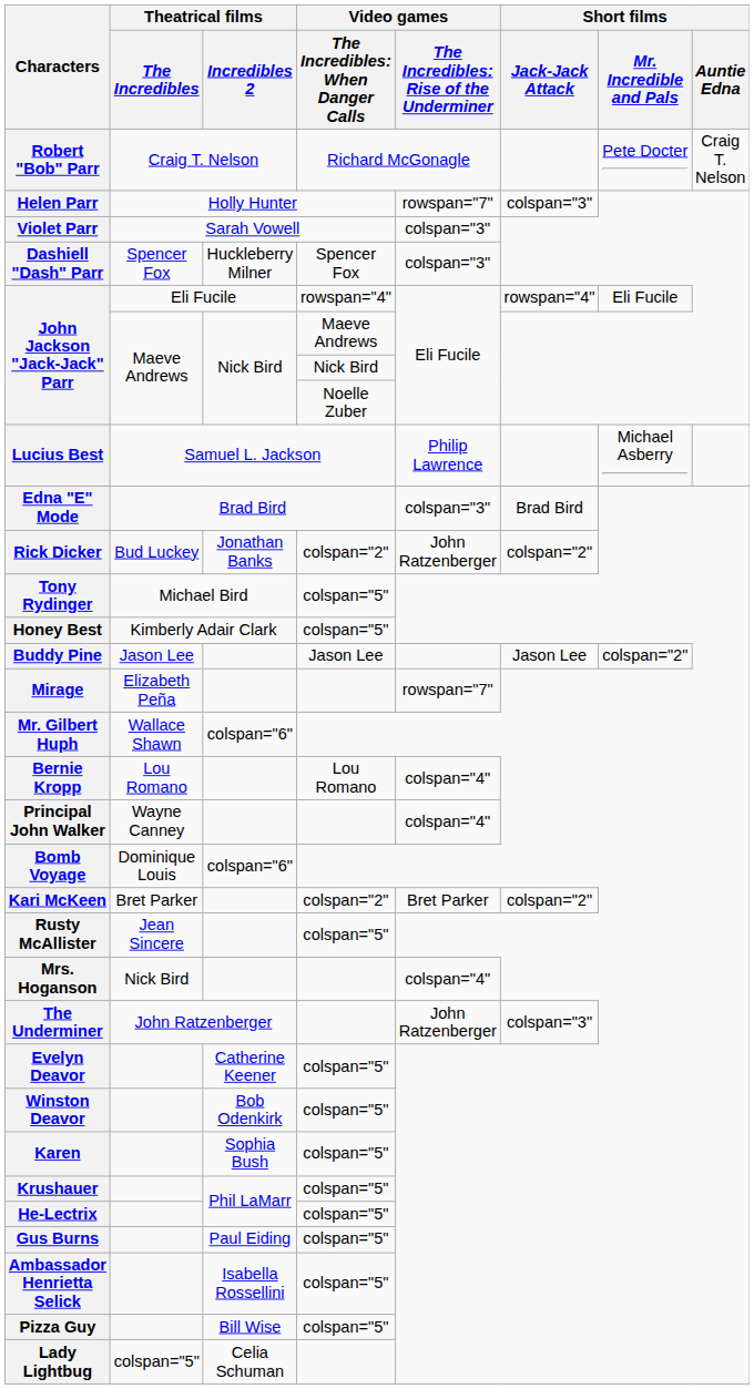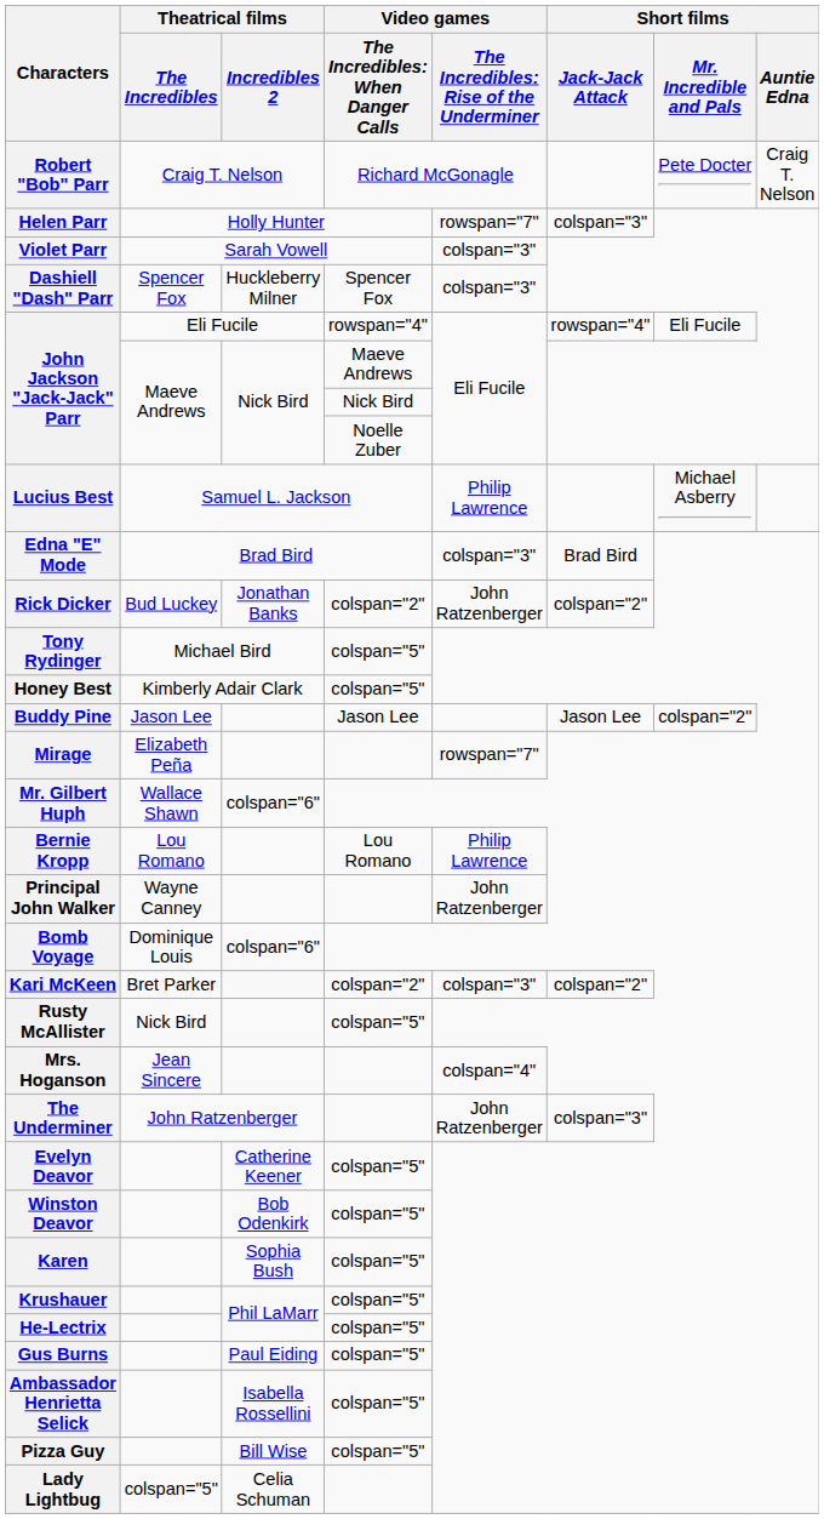 <table class="wikitable plainrowheaders" style="text-align:center;">
 <tr>
 <th rowspan="2">Characters</th>
 <th colspan="2">Theatrical films</th>
 <th colspan="2">Video games</th>
 <th colspan="3">Short films</th>
 </tr>
 <tr>
 <th><em><a href='#'>The Incredibles</a></em></th>
 <th><em><a href='#'>Incredibles 2</a></em></th>
 <th><em>The Incredibles: When Danger Calls</em></th>
 <th><em><a href='#'>The Incredibles: Rise of the Underminer</a></em></th>
 <th><em><a href='#'>Jack-Jack Attack</a></em></th>
 <th><em><a href='#'>Mr. Incredible and Pals</a></em></th>
 <th><em>Auntie Edna</em></th>
 </tr>
 <tr>
 <th><a href='#'>Robert "Bob" Parr<br></a></th>
 <td colspan="2"><a href='#'>Craig T. Nelson</a></td>
 <td colspan="2"><a href='#'>Richard McGonagle</a></td>
 <td></td>
 <td><a href='#'>Pete Docter</a><hr></td>
 <td>Craig T. Nelson</td>
 </tr>
 <tr>
 <th><a href='#'>Helen Parr<br></a></th>
 <td colspan="3"><a href='#'>Holly Hunter</a></td>
 <td>rowspan="7" </td>
 <td>colspan="3" </td>
 </tr>
 <tr>
 <th><a href='#'>Violet Parr</a></th>
 <td colspan="3"><a href='#'>Sarah Vowell</a></td>
 <td>colspan="3" </td>
 </tr>
 <tr>
 <th><a href='#'>Dashiell "Dash" Parr</a></th>
 <td><a href='#'>Spencer Fox</a></td>
 <td>Huckleberry Milner</td>
 <td>Spencer Fox</td>
 <td>colspan="3" </td>
 </tr>
 <tr>
 <th rowspan="4"><a href='#'>John Jackson "Jack-Jack" Parr</a></th>
 <td colspan="2">Eli Fucile</td>
 <td>rowspan="4" </td>
 <td rowspan="4">Eli Fucile</td>
 <td>rowspan="4" </td>
 <td>Eli Fucile</td>
 </tr>
 <tr>
 <td rowspan="3">Maeve Andrews</td>
 <td rowspan="3">Nick Bird</td>
 <td>Maeve Andrews</td>
 </tr>
 <tr>
 <td>Nick Bird</td>
 </tr>
 <tr>
 <td>Noelle Zuber</td>
 </tr>
 <tr>
 <th><a href='#'>Lucius Best<br></a></th>
 <td colspan="3"><a href='#'>Samuel L. Jackson</a></td>
 <td><a href='#'>Philip Lawrence</a></td>
 <td></td>
 <td>Michael Asberry<hr></td>
 <td></td>
 </tr>
 <tr>
 <th><a href='#'>Edna "E" Mode</a></th>
 <td colspan="3"><a href='#'>Brad Bird</a></td>
 <td>colspan="3" </td>
 <td>Brad Bird</td>
 </tr>
 <tr>
 <th><a href='#'>Rick Dicker</a></th>
 <td><a href='#'>Bud Luckey</a></td>
 <td><a href='#'>Jonathan Banks</a></td>
 <td>colspan="2" </td>
 <td>John Ratzenberger</td>
 <td>colspan="2" </td>
 </tr>
 <tr>
 <th><a href='#'>Tony Rydinger</a></th>
 <td colspan="2">Michael Bird</td>
 <td>colspan="5" </td>
 </tr>
 <tr>
 <th>Honey Best</th>
 <td colspan="2">Kimberly Adair Clark</td>
 <td>colspan="5" </td>
 </tr>
 <tr>
 <th><a href='#'>Buddy Pine<br></a></th>
 <td><a href='#'>Jason Lee</a></td>
 <td></td>
 <td>Jason Lee</td>
 <td></td>
 <td>Jason Lee</td>
 <td>colspan="2" </td>
 </tr>
 <tr>
 <th><a href='#'>Mirage</a></th>
 <td><a href='#'>Elizabeth Peña</a></td>
 <td></td>
 <td></td>
 <td>rowspan="7" </td>
 </tr>
 <tr>
 <th><a href='#'>Mr. Gilbert Huph</a></th>
 <td><a href='#'>Wallace Shawn</a></td>
 <td>colspan="6" </td>
 </tr>
 <tr>
 <th><a href='#'>Bernie Kropp</a></th>
 <td><a href='#'>Lou Romano</a></td>
 <td></td>
 <td>Lou Romano</td>
-<td>colspan="4" </td>
+<td><a href='#'>Philip Lawrence</a></td>
 </tr>
 <tr>
 <th>Principal John Walker</th>
 <td>Wayne Canney</td>
 <td></td>
 <td></td>
-<td>colspan="4" </td>
+<td>John Ratzenberger</td>
 </tr>
 <tr>
 <th><a href='#'>Bomb Voyage</a></th>
 <td>Dominique Louis</td>
 <td>colspan="6" </td>
 </tr>
 <tr>
 <th><a href='#'>Kari McKeen</a></th>
 <td>Bret Parker</td>
 <td></td>
 <td>colspan="2" </td>
-<td>Bret Parker</td>
+<td>colspan="3" </td>
 <td>colspan="2" </td>
 </tr>
 <tr>
 <th>Rusty McAllister</th>
-<td><a href='#'>Jean Sincere</a></td>
+<td>Nick Bird</td>
 <td></td>
 <td>colspan="5" </td>
 </tr>
 <tr>
 <th>Mrs. Hoganson</th>
-<td>Nick Bird</td>
+<td><a href='#'>Jean Sincere</a></td>
 <td></td>
 <td></td>
 <td>colspan="4" </td>
 </tr>
 <tr>
 <th><a href='#'>The Underminer</a></th>
 <td colspan="2"><a href='#'>John Ratzenberger</a></td>
 <td></td>
 <td>John Ratzenberger</td>
 <td>colspan="3" </td>
 </tr>
 <tr>
 <th><a href='#'>Evelyn Deavor<br></a></th>
 <td></td>
 <td><a href='#'>Catherine Keener</a></td>
 <td>colspan="5" </td>
 </tr>
 <tr>
 <th><a href='#'>Winston Deavor</a></th>
 <td></td>
 <td><a href='#'>Bob Odenkirk</a></td>
 <td>colspan="5" </td>
 </tr>
 <tr>
 <th><a href='#'>Karen<br></a></th>
 <td></td>
 <td><a href='#'>Sophia Bush</a></td>
 <td>colspan="5" </td>
 </tr>
 <tr>
 <th><a href='#'>Krushauer</a></th>
 <td></td>
 <td rowspan="2"><a href='#'>Phil LaMarr</a></td>
 <td>colspan="5" </td>
 </tr>
 <tr>
 <th><a href='#'>He-Lectrix</a></th>
 <td></td>
 <td>colspan="5" </td>
 </tr>
 <tr>
 <th><a href='#'>Gus Burns<br></a></th>
 <td></td>
 <td><a href='#'>Paul Eiding</a></td>
 <td>colspan="5" </td>
 </tr>
 <tr>
 <th><a href='#'>Ambassador Henrietta Selick</a></th>
 <td></td>
 <td><a href='#'>Isabella Rossellini</a></td>
 <td>colspan="5" </td>
 </tr>
 <tr>
 <th>Pizza Guy<br></th>
 <td></td>
 <td><a href='#'>Bill Wise</a></td>
 <td>colspan="5" </td>
 </tr>
 <tr>
 <th>Lady Lightbug</th>
 <td>colspan="5" </td>
 <td>Celia Schuman</td>
 <td></td>
 </tr>
 </table>
